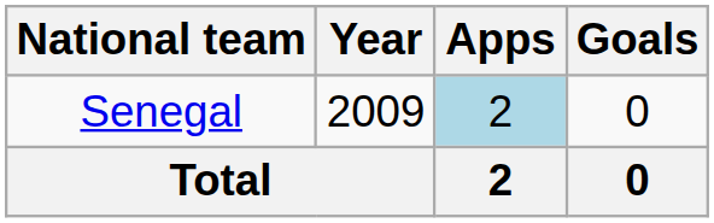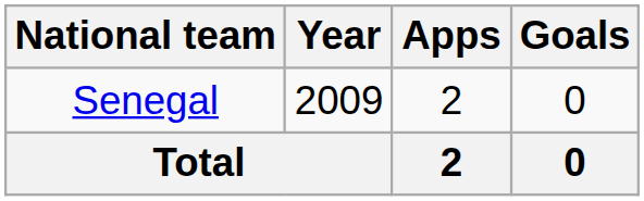 <table class="wikitable" style="text-align:center">
 <tr>
 <th>National team</th>
 <th>Year</th>
 <th>Apps</th>
 <th>Goals</th>
 </tr>
 <tr>
 <td><a href='#'>Senegal</a></td>
 <td>2009</td>
-<td style="background: lightblue;">2</td>
+<td>2</td>
 <td>0</td>
 </tr>
 <tr>
 <th colspan="2">Total</th>
 <th>2</th>
 <th>0</th>
 </tr>
 </table>
